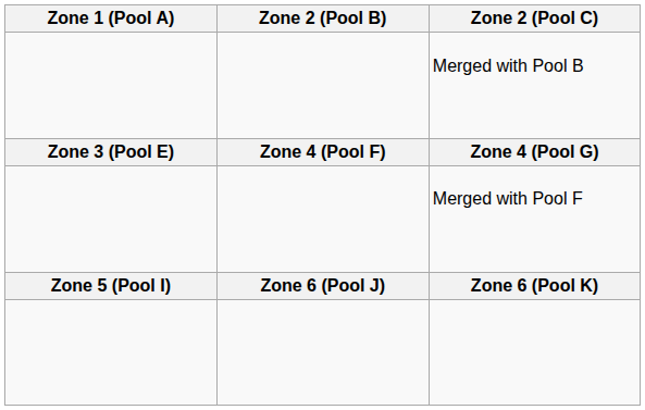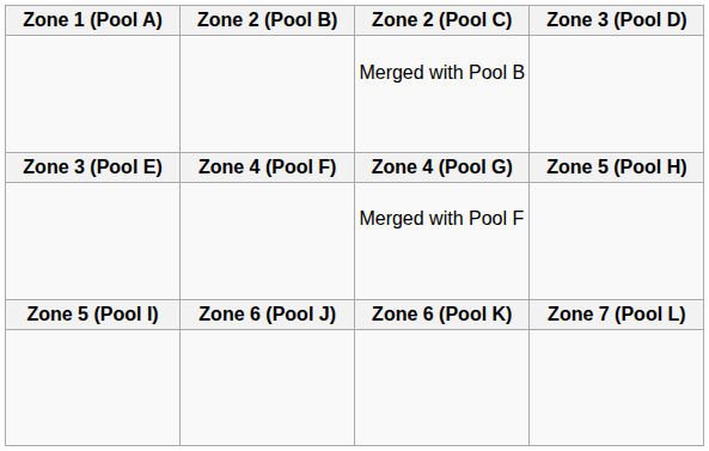 <table class="wikitable">
 <tr>
 <th width=25%>Zone 1 (Pool A)</th>
 <th width=25%>Zone 2 (Pool B)</th>
 <th width=25%>Zone 2 (Pool C)</th>
+<th width=25%>Zone 3 (Pool D)</th>
 </tr>
 <tr>
 <td valign=top><br><br> <s></s><br> </td>
 <td valign=top><br><br> <br> <br> <br> </td>
 <td valign=top><br>Merged with Pool B</td>
+<td valign=top><br><br> <br> <br> <s></s></td>
 </tr>
 <tr>
 <th>Zone 3 (Pool E)</th>
 <th>Zone 4 (Pool F)</th>
 <th>Zone 4 (Pool G)</th>
+<th>Zone 5 (Pool H)</th>
 </tr>
 <tr>
 <td valign=top><br><s></s><br> <br> <br> </td>
 <td valign=top><br><br> <s></s><br> <br> <br> </td>
 <td valign=top><br>Merged with Pool F</td>
+<td valign=top><br><br> <br> <br> </td>
 </tr>
 <tr>
 <th>Zone 5 (Pool I)</th>
 <th>Zone 6 (Pool J)</th>
 <th>Zone 6 (Pool K)</th>
+<th>Zone 7 (Pool L)</th>
 </tr>
 <tr>
 <td valign=top><br><br> <s></s><br> <s></s><br> <s></s></td>
 <td valign=top><br><br> <br> <br> <s></s><br> </td>
 <td valign=top><br><br> <br> <br> </td>
+<td valign=top><br><s></s><br> <s></s><br> <br> </td>
 </tr>
 </table>
